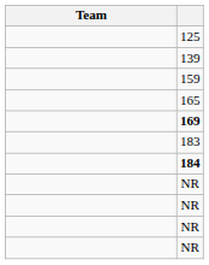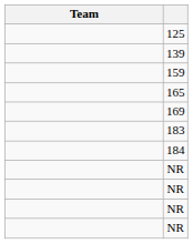 <table class="wikitable">
 <tr>
 <th style="width: 200px;">Team</th>
 <th></th>
 </tr>
 <tr>
 <td></td>
 <td style="text-align: center;">125</td>
 </tr>
 <tr>
 <td></td>
 <td style="text-align: center;">139</td>
 </tr>
 <tr>
 <td></td>
 <td style="text-align: center;">159</td>
 </tr>
 <tr>
 <td></td>
 <td style="text-align: center;">165</td>
 </tr>
 <tr>
 <td></td>
-<td style="text-align: center;"><strong>169</strong></td>
+<td style="text-align: center;">169</td>
 </tr>
 <tr>
 <td></td>
 <td style="text-align: center;">183</td>
 </tr>
 <tr>
 <td></td>
-<td style="text-align: center;"><strong>184</strong></td>
+<td style="text-align: center;">184</td>
 </tr>
 <tr>
 <td></td>
 <td style="text-align: center;">NR</td>
 </tr>
 <tr>
 <td></td>
 <td style="text-align: center;">NR</td>
 </tr>
 <tr>
 <td></td>
 <td style="text-align: center;">NR</td>
 </tr>
 <tr>
 <td></td>
 <td style="text-align: center;">NR</td>
 </tr>
 </table>
